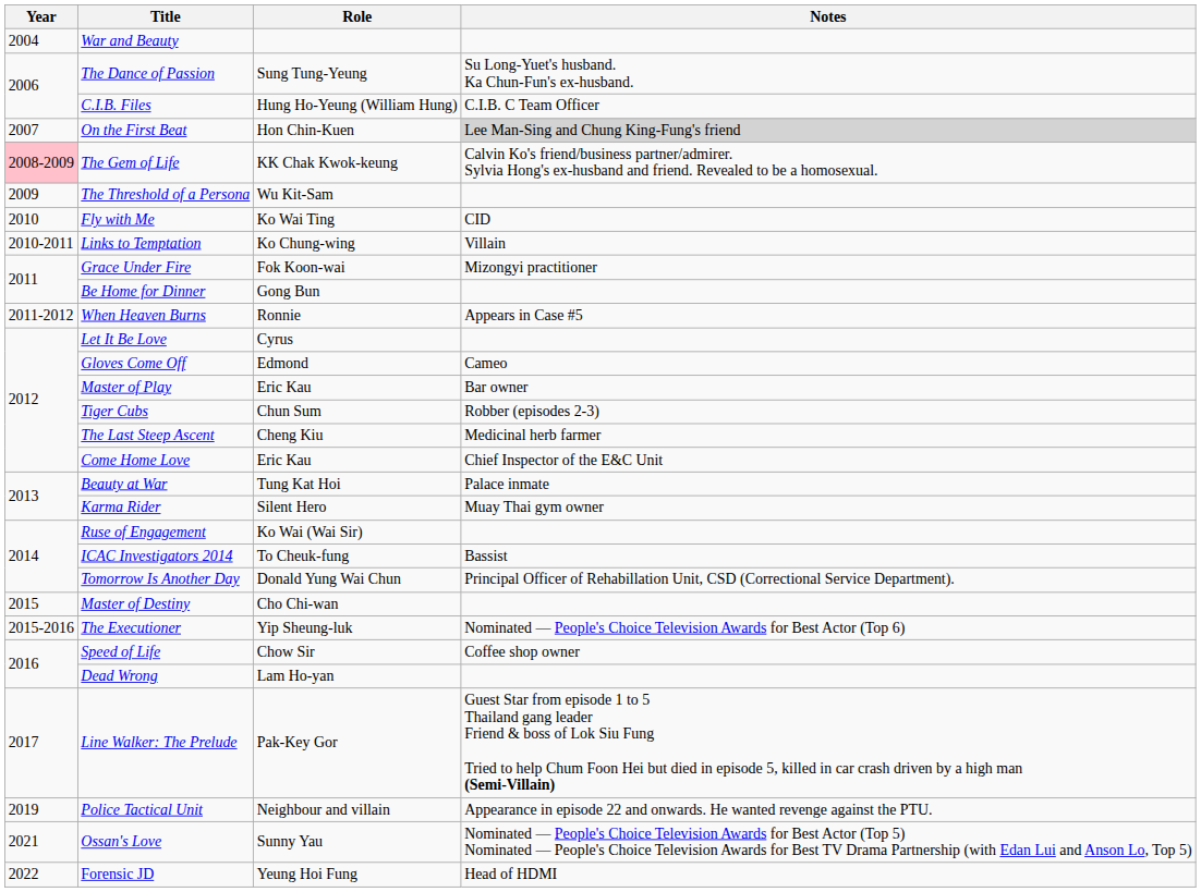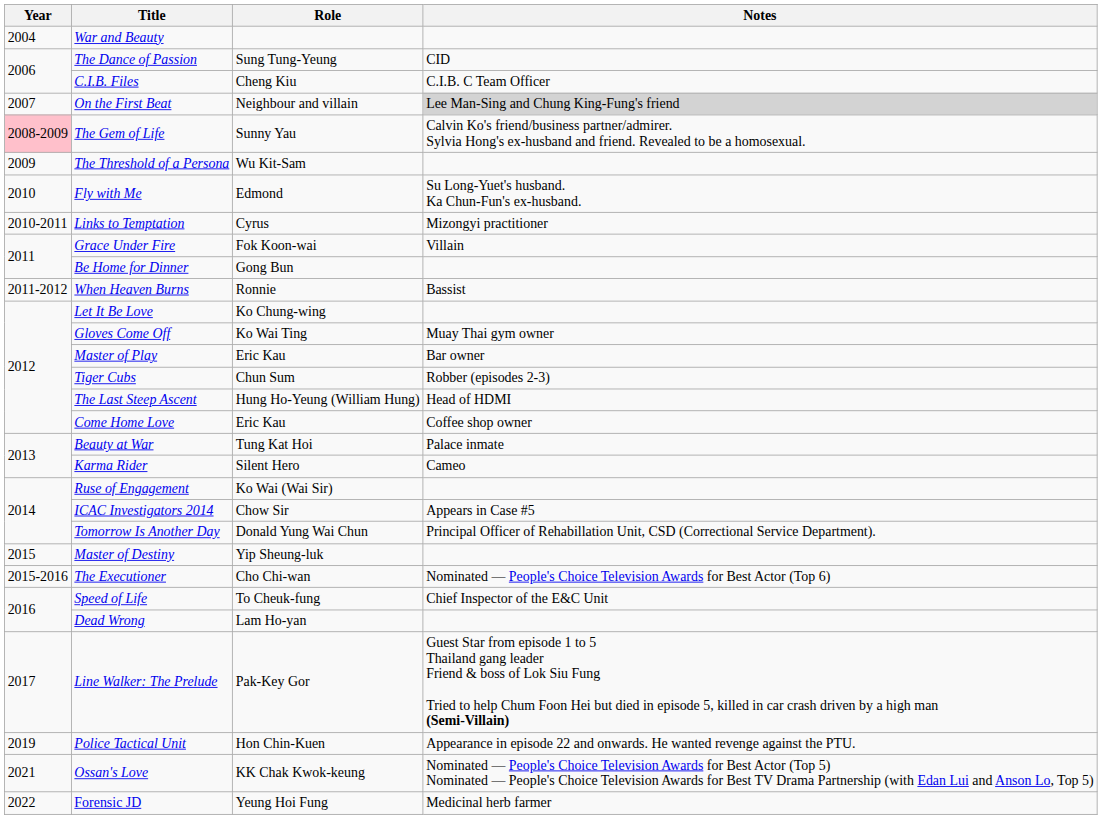 <table class="wikitable plainrowheaders sortable">
 <tr>
 <th scope="col">Year</th>
 <th scope="col">Title</th>
 <th scope="col">Role</th>
 <th scope="col" class="unsortable">Notes</th>
 </tr>
 <tr>
 <td>2004</td>
 <td><em><a href='#'>War and Beauty</a></em></td>
 <td></td>
 <td></td>
 </tr>
 <tr>
 <td rowspan="2">2006</td>
 <td><em><a href='#'>The Dance of Passion</a></em></td>
 <td>Sung Tung-Yeung</td>
-<td>Su Long-Yuet's husband.<br>Ka Chun-Fun's ex-husband.</td>
+<td>CID</td>
 </tr>
 <tr>
 <td><em><a href='#'>C.I.B. Files</a></em></td>
-<td>Hung Ho-Yeung (William Hung)</td>
+<td>Cheng Kiu</td>
 <td>C.I.B. C Team Officer</td>
 </tr>
 <tr>
 <td>2007</td>
 <td><em><a href='#'>On the First Beat</a></em></td>
-<td>Hon Chin-Kuen</td>
+<td>Neighbour and villain</td>
 <td style="background: lightgrey;">Lee Man-Sing and Chung King-Fung's friend</td>
 </tr>
 <tr>
 <td style="background: pink;">2008-2009</td>
 <td><em><a href='#'>The Gem of Life</a></em></td>
-<td>KK Chak Kwok-keung</td>
+<td>Sunny Yau</td>
 <td>Calvin Ko's friend/business partner/admirer.<br>Sylvia Hong's ex-husband and friend. Revealed to be a homosexual.</td>
 </tr>
 <tr>
 <td>2009</td>
 <td><em><a href='#'>The Threshold of a Persona</a></em></td>
 <td>Wu Kit-Sam</td>
 <td></td>
 </tr>
 <tr>
 <td>2010</td>
 <td><em><a href='#'>Fly with Me</a></em></td>
-<td>Ko Wai Ting</td>
-<td>CID</td>
+<td>Edmond</td>
+<td>Su Long-Yuet's husband.<br>Ka Chun-Fun's ex-husband.</td>
 </tr>
 <tr>
 <td>2010-2011</td>
 <td><em><a href='#'>Links to Temptation</a></em></td>
-<td>Ko Chung-wing</td>
-<td>Villain</td>
+<td>Cyrus</td>
+<td>Mizongyi practitioner</td>
 </tr>
 <tr>
 <td rowspan="2">2011</td>
 <td><em><a href='#'>Grace Under Fire</a></em></td>
 <td>Fok Koon-wai</td>
-<td>Mizongyi practitioner</td>
+<td>Villain</td>
 </tr>
 <tr>
 <td><em><a href='#'>Be Home for Dinner</a></em></td>
 <td>Gong Bun</td>
 <td></td>
 </tr>
 <tr>
 <td>2011-2012</td>
 <td><em><a href='#'>When Heaven Burns</a></em></td>
 <td>Ronnie</td>
-<td>Appears in Case #5</td>
+<td>Bassist</td>
 </tr>
 <tr>
 <td rowspan="6">2012</td>
 <td><em><a href='#'>Let It Be Love</a></em></td>
-<td>Cyrus</td>
+<td>Ko Chung-wing</td>
 <td></td>
 </tr>
 <tr>
 <td><em><a href='#'>Gloves Come Off</a></em></td>
-<td>Edmond</td>
-<td>Cameo</td>
+<td>Ko Wai Ting</td>
+<td>Muay Thai gym owner</td>
 </tr>
 <tr>
 <td><em><a href='#'>Master of Play</a></em></td>
 <td>Eric Kau</td>
 <td>Bar owner</td>
 </tr>
 <tr>
 <td><em><a href='#'>Tiger Cubs</a></em></td>
 <td>Chun Sum</td>
 <td>Robber (episodes 2-3)</td>
 </tr>
 <tr>
 <td><em><a href='#'>The Last Steep Ascent</a></em></td>
-<td>Cheng Kiu</td>
-<td>Medicinal herb farmer</td>
+<td>Hung Ho-Yeung (William Hung)</td>
+<td>Head of HDMI</td>
 </tr>
 <tr>
 <td><em><a href='#'>Come Home Love</a></em></td>
 <td>Eric Kau</td>
-<td>Chief Inspector of the E&C Unit</td>
+<td>Coffee shop owner</td>
 </tr>
 <tr>
 <td rowspan="2">2013</td>
 <td><em><a href='#'>Beauty at War</a></em></td>
 <td>Tung Kat Hoi</td>
 <td>Palace inmate</td>
 </tr>
 <tr>
 <td><em><a href='#'>Karma Rider</a></em></td>
 <td>Silent Hero</td>
-<td>Muay Thai gym owner</td>
+<td>Cameo</td>
 </tr>
 <tr>
 <td rowspan="3">2014</td>
 <td><em><a href='#'>Ruse of Engagement</a></em></td>
 <td>Ko Wai (Wai Sir)</td>
 <td></td>
 </tr>
 <tr>
 <td><em><a href='#'>ICAC Investigators 2014</a></em></td>
-<td>To Cheuk-fung</td>
-<td>Bassist</td>
+<td>Chow Sir</td>
+<td>Appears in Case #5</td>
 </tr>
 <tr>
 <td><em><a href='#'>Tomorrow Is Another Day</a></em></td>
 <td>Donald Yung Wai Chun</td>
 <td>Principal Officer of Rehabillation Unit, CSD (Correctional Service Department).</td>
 </tr>
 <tr>
 <td>2015</td>
 <td><em><a href='#'>Master of Destiny</a></em></td>
-<td>Cho Chi-wan</td>
+<td>Yip Sheung-luk</td>
 <td></td>
 </tr>
 <tr>
 <td>2015-2016</td>
 <td><em><a href='#'>The Executioner</a></em></td>
-<td>Yip Sheung-luk</td>
+<td>Cho Chi-wan</td>
 <td>Nominated — <a href='#'>People's Choice Television Awards</a> for Best Actor (Top 6)</td>
 </tr>
 <tr>
 <td rowspan="2">2016</td>
 <td><em><a href='#'>Speed of Life</a></em></td>
-<td>Chow Sir</td>
-<td>Coffee shop owner</td>
+<td>To Cheuk-fung</td>
+<td>Chief Inspector of the E&C Unit</td>
 </tr>
 <tr>
 <td><em><a href='#'>Dead Wrong</a></em></td>
 <td>Lam Ho-yan</td>
 <td></td>
 </tr>
 <tr>
 <td>2017</td>
 <td><em><a href='#'>Line Walker: The Prelude</a></em></td>
 <td>Pak-Key Gor</td>
 <td>Guest Star from episode 1 to 5 <br>Thailand gang leader <br>Friend & boss of Lok Siu Fung <br><br>Tried to help Chum Foon Hei but died in episode 5, killed in car crash driven by a high man<br><strong>(Semi-Villain)</strong></td>
 </tr>
 <tr>
 <td>2019</td>
 <td><em><a href='#'>Police Tactical Unit</a></em></td>
-<td>Neighbour and villain</td>
+<td>Hon Chin-Kuen</td>
 <td>Appearance in episode 22 and onwards.  He wanted revenge against the PTU.</td>
 </tr>
 <tr>
 <td>2021</td>
 <td><em><a href='#'>Ossan's Love</a></em></td>
-<td>Sunny Yau</td>
+<td>KK Chak Kwok-keung</td>
 <td>Nominated — <a href='#'>People's Choice Television Awards</a> for Best Actor (Top 5) <br>Nominated — People's Choice Television Awards for Best TV Drama Partnership (with <a href='#'>Edan Lui</a> and <a href='#'>Anson Lo</a>, Top 5)</td>
 </tr>
 <tr>
 <td rowspan="3">2022</td>
 <td><a href='#'>Forensic JD</a></td>
 <td>Yeung Hoi Fung</td>
-<td>Head of HDMI</td>
+<td>Medicinal herb farmer</td>
 </tr>
 </table>
